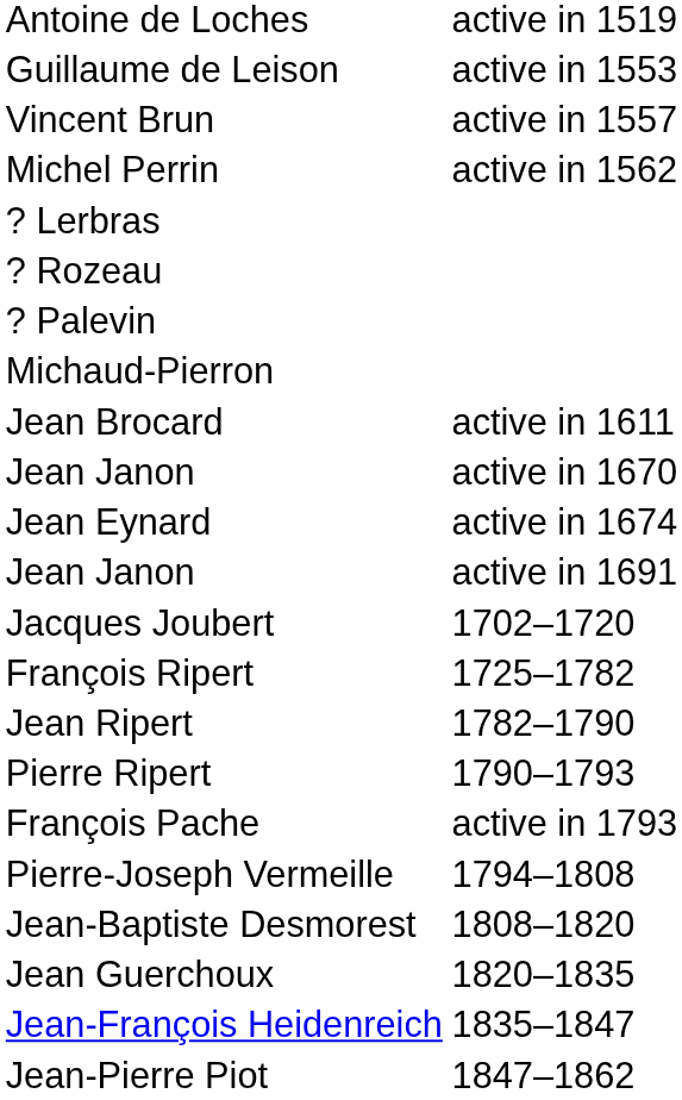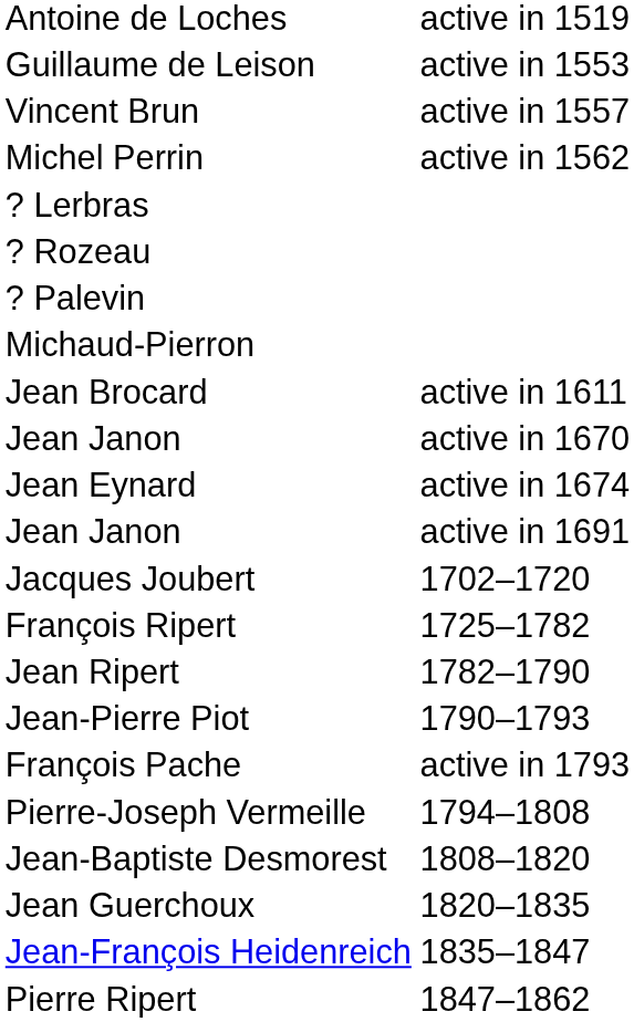 <table>
 <tr>
 <td>Antoine de Loches</td>
 <td>active in 1519</td>
 </tr>
 <tr>
 <td>Guillaume de Leison</td>
 <td>active in 1553</td>
 </tr>
 <tr>
 <td>Vincent Brun</td>
 <td>active in 1557</td>
 </tr>
 <tr>
 <td>Michel Perrin</td>
 <td>active in 1562</td>
 </tr>
 <tr>
 <td>? Lerbras</td>
 <td></td>
 </tr>
 <tr>
 <td>? Rozeau</td>
 <td></td>
 </tr>
 <tr>
 <td>? Palevin</td>
 <td></td>
 </tr>
 <tr>
 <td>Michaud-Pierron</td>
 <td></td>
 </tr>
 <tr>
 <td>Jean Brocard</td>
 <td>active in 1611</td>
 </tr>
 <tr>
 <td>Jean Janon</td>
 <td>active in 1670</td>
 </tr>
 <tr>
 <td>Jean Eynard</td>
 <td>active in 1674</td>
 </tr>
 <tr>
 <td>Jean Janon</td>
 <td>active in 1691</td>
 </tr>
 <tr>
 <td>Jacques Joubert</td>
 <td>1702–1720</td>
 </tr>
 <tr>
 <td>François Ripert</td>
 <td>1725–1782</td>
 </tr>
 <tr>
 <td>Jean Ripert</td>
 <td>1782–1790</td>
 </tr>
 <tr>
-<td>Pierre Ripert</td>
+<td>Jean-Pierre Piot</td>
 <td>1790–1793</td>
 </tr>
 <tr>
 <td>François Pache</td>
 <td>active in 1793</td>
 </tr>
 <tr>
 <td>Pierre-Joseph Vermeille</td>
 <td>1794–1808</td>
 </tr>
 <tr>
 <td>Jean-Baptiste Desmorest</td>
 <td>1808–1820</td>
 </tr>
 <tr>
 <td>Jean Guerchoux</td>
 <td>1820–1835</td>
 </tr>
 <tr>
 <td><a href='#'>Jean-François Heidenreich</a></td>
 <td>1835–1847</td>
 </tr>
 <tr>
-<td>Jean-Pierre Piot</td>
+<td>Pierre Ripert</td>
 <td>1847–1862</td>
 </tr>
 </table>
